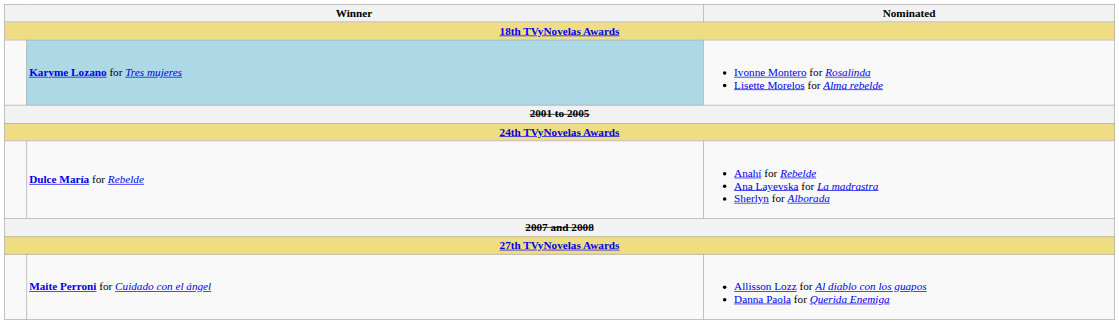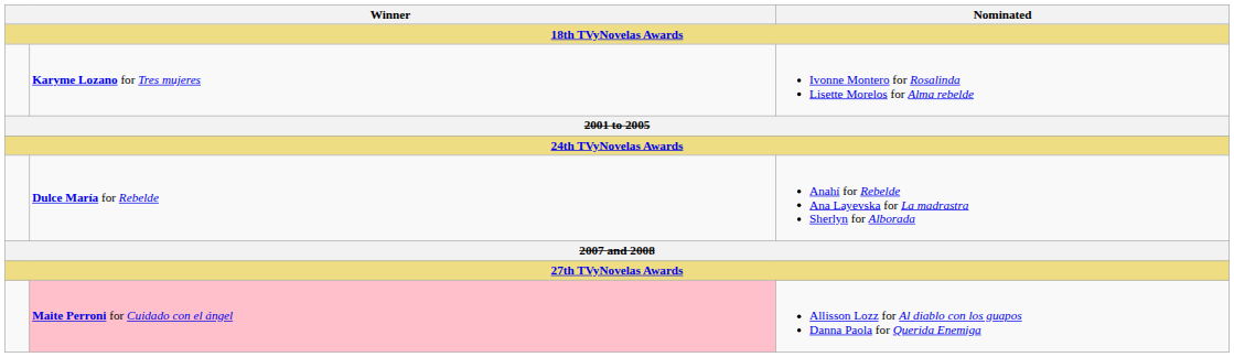 <table class="wikitable" width=80%>
 <tr align=center>
 <th width="150px;" colspan=2; align="center">Winner</th>
 <th width="580px;" align="center">Nominated</th>
 </tr>
 <tr>
 <th colspan=9 style="background:#EEDD82;"  align="center"><strong><a href='#'>18th TVyNovelas Awards</a></strong></th>
 </tr>
 <tr>
 <td width=2%></td>
-<td style="background: lightblue;"><strong><a href='#'>Karyme Lozano</a></strong> for <em><a href='#'>Tres mujeres</a></em></td>
+<td><strong><a href='#'>Karyme Lozano</a></strong> for <em><a href='#'>Tres mujeres</a></em></td>
 <td><br><ul><li><a href='#'>Ivonne Montero</a> for <em><a href='#'>Rosalinda</a></em></li><li><a href='#'>Lisette Morelos</a> for <em><a href='#'>Alma rebelde</a></em></li></ul></td>
 </tr>
 <tr>
 <th colspan=9 align="center"><s>2001 to 2005</s></th>
 </tr>
 <tr>
 <th colspan=9 style="background:#EEDD82;"  align="center"><strong><a href='#'>24th TVyNovelas Awards</a></strong></th>
 </tr>
 <tr>
 <td width=2%></td>
 <td><strong><a href='#'>Dulce María</a></strong> for <em><a href='#'>Rebelde</a></em></td>
 <td><br><ul><li><a href='#'>Anahí</a> for <em><a href='#'>Rebelde</a></em></li><li><a href='#'>Ana Layevska</a> for <em><a href='#'>La madrastra</a></em></li><li><a href='#'>Sherlyn</a> for <em><a href='#'>Alborada</a></em></li></ul></td>
 </tr>
 <tr>
 <th colspan=9  align="center"><s>2007 and 2008</s></th>
 </tr>
 <tr>
 <th colspan=9 style="background:#EEDD82;"  align="center"><strong><a href='#'>27th TVyNovelas Awards</a></strong></th>
 </tr>
 <tr>
 <td width=2%></td>
-<td><strong><a href='#'>Maite Perroni</a></strong> for <em><a href='#'>Cuidado con el ángel</a></em></td>
+<td style="background: pink;"><strong><a href='#'>Maite Perroni</a></strong> for <em><a href='#'>Cuidado con el ángel</a></em></td>
 <td><br><ul><li><a href='#'>Allisson Lozz</a> for <em><a href='#'>Al diablo con los guapos</a></em></li><li><a href='#'>Danna Paola</a> for <em><a href='#'>Querida Enemiga</a></em></li></ul></td>
 </tr>
 </table>
